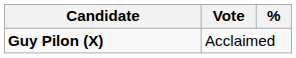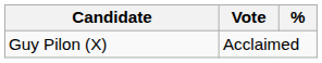 <table class="wikitable">
 <tr>
 <th bgcolor="#DDDDFF" width="200px">Candidate</th>
 <th bgcolor="#DDDDFF" width="50px">Vote</th>
 <th bgcolor="#DDDDFF" width="30px">%</th>
 </tr>
 <tr>
-<td><strong>Guy Pilon (X)</strong></td>
+<td>Guy Pilon (X)</td>
 <td colspan="2">Acclaimed</td>
 </tr>
 </table>
